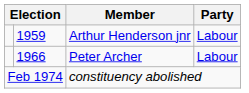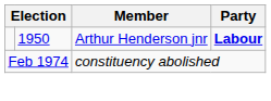 <table class="wikitable">
 <tr>
 <th colspan="2">Election</th>
 <th>Member</th>
 <th>Party</th>
 </tr>
 <tr>
 <td style="color:inherit;background-color: "></td>
-<td><a href='#'>1959</a></td>
+<td><a href='#'>1950</a></td>
 <td><a href='#'>Arthur Henderson jnr</a></td>
-<td><a href='#'>Labour</a></td>
-</tr>
-<tr>
-<td style="color:inherit;background-color: "></td>
-<td><a href='#'>1966</a></td>
-<td><a href='#'>Peter Archer</a></td>
-<td><a href='#'>Labour</a></td>
+<td><strong><a href='#'>Labour</a></strong></td>
 </tr>
 <tr>
 <td colspan="2" align="right"><a href='#'>Feb 1974</a></td>
 <td colspan="2"><em>constituency abolished</em></td>
 </tr>
 </table>
